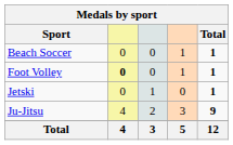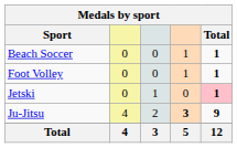 <table class="wikitable" style="font-size:90%; text-align:center;">
 <tr>
 <th colspan=5>Medals by sport</th>
 </tr>
 <tr>
 <th width=120>Sport</th>
 <th scope="col" width=30 style="background:#F7F6A8;"></th>
 <th scope="col" width=30 style="background:#DCE5E5;"></th>
 <th scope="col" width=30 style="background:#FFDAB9;"></th>
 <th width=30>Total</th>
 </tr>
 <tr>
 <td align=left> <a href='#'>Beach Soccer</a></td>
 <td style="background:#F7F6A8;">0</td>
 <td style="background:#DCE5E5;">0</td>
 <td style="background:#FFDAB9;">1</td>
 <td><strong>1</strong></td>
 </tr>
 <tr>
 <td align=left> <a href='#'>Foot Volley</a></td>
-<td style="background:#F7F6A8;"><strong>0</strong></td>
+<td style="background:#F7F6A8;">0</td>
 <td style="background:#DCE5E5;">0</td>
 <td style="background:#FFDAB9;">1</td>
 <td><strong>1</strong></td>
 </tr>
 <tr>
 <td align=left> <a href='#'>Jetski</a></td>
 <td style="background:#F7F6A8;">0</td>
 <td style="background:#DCE5E5;">1</td>
 <td style="background:#FFDAB9;">0</td>
-<td><strong>1</strong></td>
+<td style="background: pink;"><strong>1</strong></td>
 </tr>
 <tr>
 <td align=left> <a href='#'>Ju-Jitsu</a></td>
 <td style="background:#F7F6A8;">4</td>
 <td style="background:#DCE5E5;">2</td>
-<td style="background:#FFDAB9;">3</td>
+<td style="background:#FFDAB9;"><strong>3</strong></td>
 <td><strong>9</strong></td>
 </tr>
 <tr>
 </tr>
 <tr class="sortbottom">
 <th>Total</th>
 <th>4</th>
 <th>3</th>
 <th>5</th>
 <th>12</th>
 </tr>
 </table>
